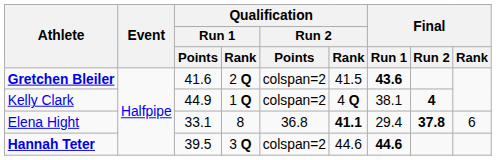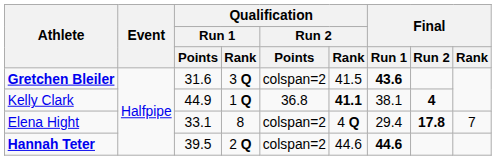 <table class=wikitable style=font-size:90%;text-align:center>
 <tr>
 <th rowspan=3>Athlete</th>
 <th rowspan=3>Event</th>
 <th colspan=4>Qualification</th>
 <th rowspan=2 colspan=3>Final</th>
 </tr>
 <tr style=font-size:95%>
 <th colspan=2>Run 1</th>
 <th colspan=2>Run 2</th>
 </tr>
 <tr style=font-size:95%>
 <th>Points</th>
 <th>Rank</th>
 <th>Points</th>
 <th>Rank</th>
 <th>Run 1</th>
 <th>Run 2</th>
 <th>Rank</th>
 </tr>
 <tr>
 <td align=left><strong><a href='#'>Gretchen Bleiler</a></strong></td>
 <td align=left rowspan=4><a href='#'>Halfpipe</a></td>
-<td>41.6</td>
-<td>2 <strong>Q</strong></td>
+<td>31.6</td>
+<td>3 <strong>Q</strong></td>
 <td>colspan=2 </td>
 <td>41.5</td>
 <td><strong>43.6</strong></td>
 <td></td>
 </tr>
 <tr>
 <td align=left><a href='#'>Kelly Clark</a></td>
 <td>44.9</td>
 <td>1 <strong>Q</strong></td>
-<td>colspan=2 </td>
-<td>4 <strong>Q</strong></td>
+<td>36.8</td>
+<td><strong>41.1</strong></td>
 <td>38.1</td>
 <td><strong>4</strong></td>
 </tr>
 <tr>
 <td align=left><a href='#'>Elena Hight</a></td>
 <td>33.1</td>
 <td>8</td>
-<td>36.8</td>
-<td><strong>41.1</strong></td>
+<td>colspan=2 </td>
+<td>4 <strong>Q</strong></td>
 <td>29.4</td>
-<td><strong>37.8</strong></td>
-<td>6</td>
+<td><strong>17.8</strong></td>
+<td>7</td>
 </tr>
 <tr>
 <td align=left><strong><a href='#'>Hannah Teter</a></strong></td>
 <td>39.5</td>
-<td>3 <strong>Q</strong></td>
+<td>2 <strong>Q</strong></td>
 <td>colspan=2 </td>
 <td>44.6</td>
 <td><strong>44.6</strong></td>
 <td></td>
 </tr>
 </table>
